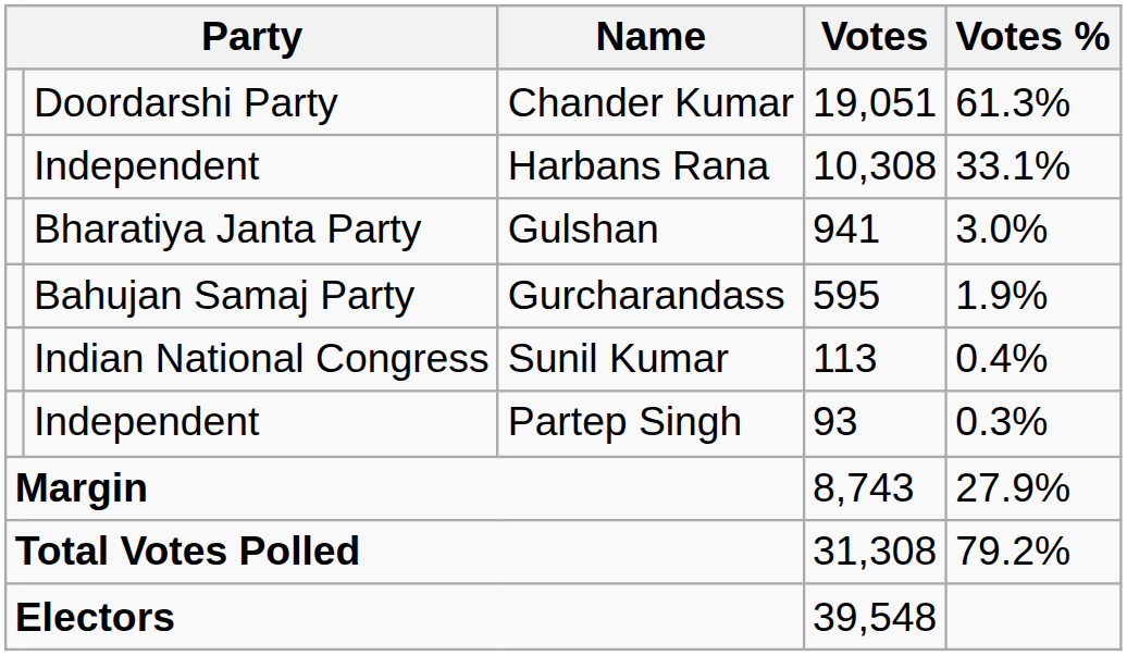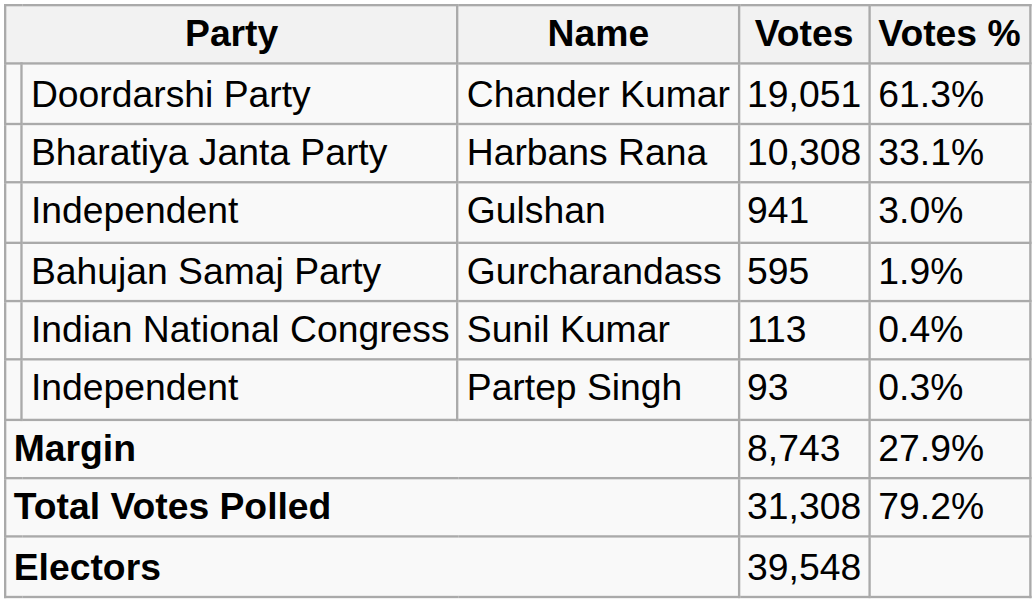 <table class="wikitable sortable">
 <tr>
 <th colspan="2" rowspan="1">Party</th>
 <th colspan="1" rowspan="1">Name</th>
 <th colspan="1" rowspan="1">Votes</th>
 <th colspan="1" rowspan="1">Votes %</th>
 </tr>
 <tr>
 <td></td>
 <td>Doordarshi Party</td>
 <td>Chander Kumar</td>
 <td>19,051</td>
 <td>61.3%</td>
 </tr>
 <tr>
 <td></td>
-<td>Independent</td>
+<td>Bharatiya Janta Party</td>
 <td>Harbans Rana</td>
 <td>10,308</td>
 <td>33.1%</td>
 </tr>
 <tr>
 <td></td>
-<td>Bharatiya Janta Party</td>
+<td>Independent</td>
 <td>Gulshan</td>
 <td>941</td>
 <td>3.0%</td>
 </tr>
 <tr>
 <td></td>
 <td>Bahujan Samaj Party</td>
 <td>Gurcharandass</td>
 <td>595</td>
 <td>1.9%</td>
 </tr>
 <tr>
 <td></td>
 <td>Indian National Congress</td>
 <td>Sunil Kumar</td>
 <td>113</td>
 <td>0.4%</td>
 </tr>
 <tr>
 <td></td>
 <td>Independent</td>
 <td>Partep Singh</td>
 <td>93</td>
 <td>0.3%</td>
 </tr>
 <tr>
 <td colspan="3"><strong>Margin</strong></td>
 <td>8,743</td>
 <td>27.9%</td>
 </tr>
 <tr>
 <td colspan="3"><strong>Total Votes Polled</strong></td>
 <td>31,308</td>
 <td>79.2%</td>
 </tr>
 <tr>
 <td colspan="3"><strong>Electors</strong></td>
 <td>39,548</td>
 <td></td>
 </tr>
 </table>
